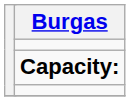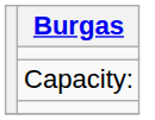 <table class="wikitable" style="text-align:center">
 <tr>
 <th rowspan="4" colspan="2"></th>
 <th><a href='#'>Burgas</a></th>
 </tr>
 <tr>
 <td></td>
 </tr>
 <tr>
-<td><strong>Capacity:</strong></td>
+<td>Capacity:</td>
 </tr>
 <tr>
 <td></td>
 </tr>
 <tr>
 </tr>
 </table>
